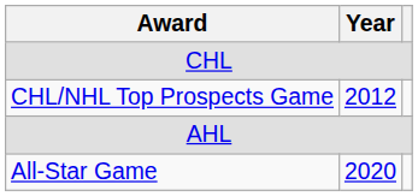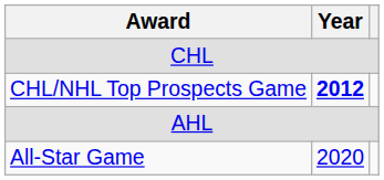 <table class="wikitable">
 <tr>
 <th>Award</th>
 <th>Year</th>
 <th></th>
 </tr>
 <tr style="text-align:center; background:#e0e0e0;">
 <td colspan="3"><a href='#'>CHL</a></td>
 </tr>
 <tr>
 <td><a href='#'>CHL/NHL Top Prospects Game</a></td>
-<td><a href='#'>2012</a></td>
+<td><strong><a href='#'>2012</a></strong></td>
 <td></td>
 </tr>
 <tr style="text-align:center; background:#e0e0e0;">
 <td colspan="3"><a href='#'>AHL</a></td>
 </tr>
 <tr>
 <td><a href='#'>All-Star Game</a></td>
 <td><a href='#'>2020</a></td>
 <td></td>
 </tr>
 </table>
